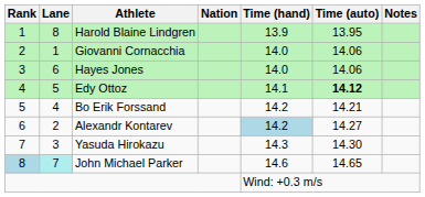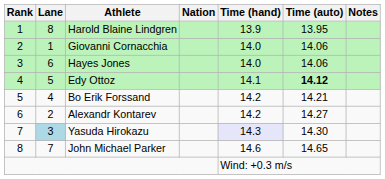 <table class="wikitable sortable" style="text-align:center">
 <tr>
 <th>Rank</th>
 <th>Lane</th>
 <th>Athlete</th>
 <th>Nation</th>
 <th>Time (hand)</th>
 <th>Time (auto)</th>
 <th>Notes</th>
 </tr>
 <tr bgcolor=bbf3bb>
 <td>1</td>
 <td>8</td>
 <td align=left>Harold Blaine Lindgren</td>
 <td align=left></td>
 <td>13.9</td>
 <td>13.95</td>
 <td></td>
 </tr>
 <tr bgcolor=bbf3bb>
 <td>2</td>
 <td>1</td>
 <td align=left>Giovanni Cornacchia</td>
 <td align=left></td>
 <td>14.0</td>
 <td>14.06</td>
 <td></td>
 </tr>
 <tr bgcolor=bbf3bb>
 <td>3</td>
 <td>6</td>
 <td align=left>Hayes Jones</td>
 <td align=left></td>
 <td>14.0</td>
 <td>14.06</td>
 <td></td>
 </tr>
 <tr bgcolor=bbf3bb>
 <td>4</td>
 <td>5</td>
 <td align=left>Edy Ottoz</td>
 <td align=left></td>
 <td>14.1</td>
 <td><strong>14.12</strong></td>
 <td></td>
 </tr>
 <tr>
 <td>5</td>
 <td>4</td>
 <td align=left>Bo Erik Forssand</td>
 <td align=left></td>
 <td>14.2</td>
 <td>14.21</td>
 <td></td>
 </tr>
 <tr>
 <td>6</td>
 <td>2</td>
 <td align=left>Alexandr Kontarev</td>
 <td align=left></td>
-<td style="background: lightblue;">14.2</td>
+<td>14.2</td>
 <td>14.27</td>
 <td></td>
 </tr>
 <tr>
 <td>7</td>
-<td>3</td>
+<td style="background: lightblue;">3</td>
 <td align=left>Yasuda Hirokazu</td>
 <td align=left></td>
-<td>14.3</td>
+<td style="background: lavender;">14.3</td>
 <td>14.30</td>
 <td></td>
 </tr>
 <tr>
-<td style="background: lightblue;">8</td>
-<td style="background: paleturquoise;">7</td>
+<td>8</td>
+<td>7</td>
 <td align=left>John Michael Parker</td>
 <td align=left></td>
 <td>14.6</td>
 <td>14.65</td>
 <td></td>
 </tr>
 <tr class="sortbottom">
 <td colspan=4></td>
 <td colspan="3" style="text-align:left;">Wind: +0.3 m/s</td>
 </tr>
 </table>
